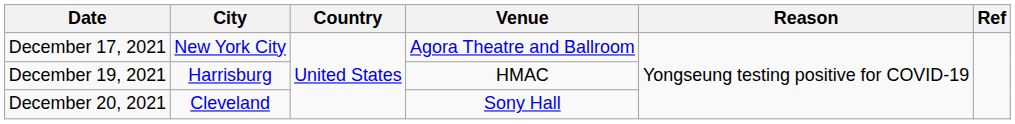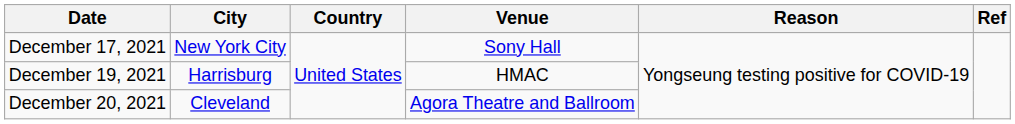 <table class="wikitable plainrowheaders" style="text-align:center; table-layout:fixed; margin-right:0">
 <tr>
 <th>Date</th>
 <th>City</th>
 <th>Country</th>
 <th>Venue</th>
 <th>Reason</th>
 <th>Ref</th>
 </tr>
 <tr>
 <td>December 17, 2021</td>
 <td><a href='#'>New York City</a></td>
 <td rowspan="3"><a href='#'>United States</a></td>
-<td><a href='#'>Agora Theatre and Ballroom</a></td>
+<td><a href='#'>Sony Hall</a></td>
 <td rowspan="3">Yongseung testing positive for COVID-19</td>
 <td rowspan="3"></td>
 </tr>
 <tr>
 <td>December 19, 2021</td>
 <td><a href='#'>Harrisburg</a></td>
 <td>HMAC</td>
 </tr>
 <tr>
 <td>December 20, 2021</td>
 <td><a href='#'>Cleveland</a></td>
-<td><a href='#'>Sony Hall</a></td>
+<td><a href='#'>Agora Theatre and Ballroom</a></td>
 </tr>
 </table>
